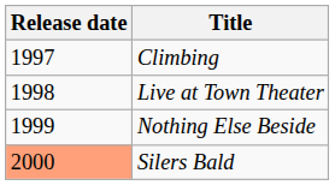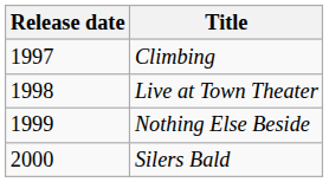 <table class="wikitable">
 <tr>
 <th>Release date</th>
 <th>Title</th>
 </tr>
 <tr>
 <td>1997</td>
 <td><em>Climbing</em></td>
 </tr>
 <tr>
 <td>1998</td>
 <td><em>Live at Town Theater</em></td>
 </tr>
 <tr>
 <td>1999</td>
 <td><em>Nothing Else Beside</em></td>
 </tr>
 <tr>
-<td style="background: lightsalmon;">2000</td>
+<td>2000</td>
 <td><em>Silers Bald</em></td>
 </tr>
 </table>
